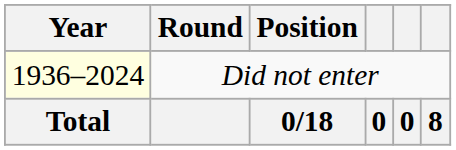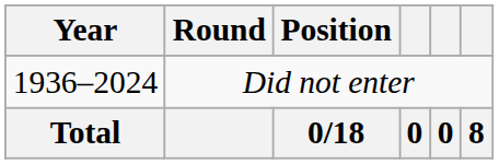 <table class="wikitable" style="text-align: center;">
 <tr>
 <th scope=col>Year</th>
 <th scope=col>Round</th>
 <th scope=col>Position</th>
 <th scope=col></th>
 <th scope=col></th>
 <th scope=col></th>
 </tr>
 <tr>
-<td style="background: lightyellow;">1936–2024</td>
+<td>1936–2024</td>
 <td colspan=5><em>Did not enter</em></td>
 </tr>
 <tr>
 <th>Total</th>
 <th></th>
 <th>0/18</th>
 <th>0</th>
 <th>0</th>
 <th>8</th>
 </tr>
 </table>
